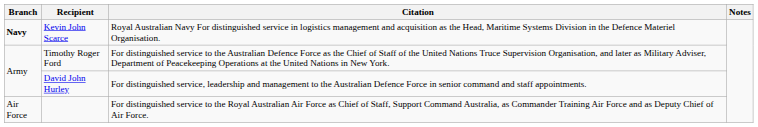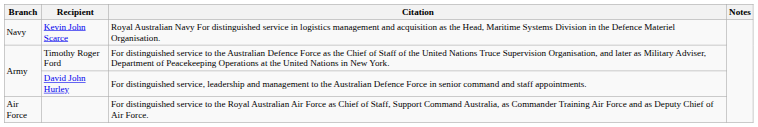 <table class="wikitable" style="font-size:95%;">
 <tr>
 <th>Branch</th>
 <th>Recipient</th>
 <th>Citation</th>
 <th>Notes</th>
 </tr>
 <tr>
-<td><strong>Navy</strong></td>
+<td>Navy</td>
 <td> <a href='#'>Kevin John Scarce</a> </td>
 <td>Royal Australian Navy	For distinguished service in logistics management and acquisition as the Head, Maritime Systems Division in the Defence Materiel Organisation.</td>
 <td rowspan=4></td>
 </tr>
 <tr>
 <td rowspan=2>Army</td>
 <td> Timothy Roger Ford </td>
 <td>For distinguished service to the Australian Defence Force as the Chief of Staff of the United Nations Truce Supervision Organisation, and later as Military Adviser, Department of Peacekeeping Operations at the United Nations in New York.</td>
 </tr>
 <tr>
 <td> <a href='#'>David John Hurley</a> </td>
 <td>For distinguished service, leadership and management to the Australian Defence Force in senior command and staff appointments.</td>
 </tr>
 <tr>
 <td>Air Force</td>
 <td></td>
 <td>For distinguished service to the Royal Australian Air Force as Chief of Staff, Support Command Australia, as Commander Training Air Force and as Deputy Chief of Air Force.</td>
 </tr>
 </table>
